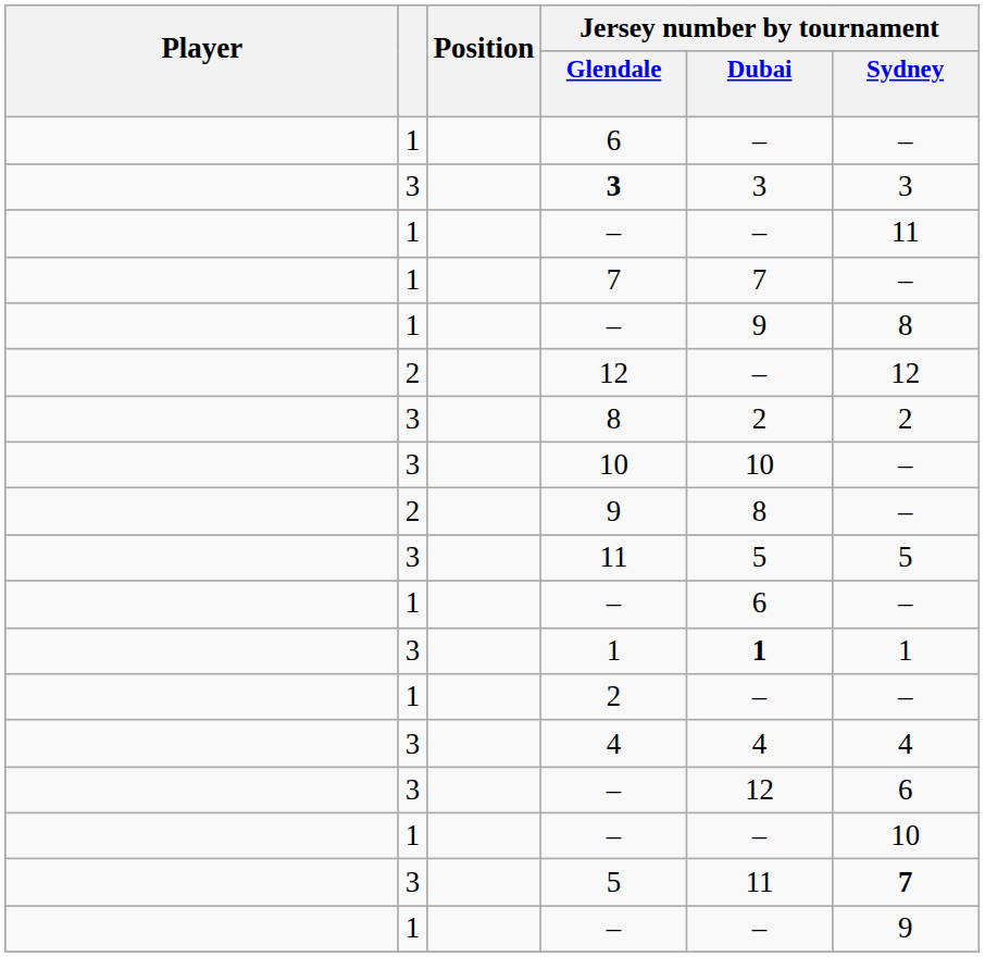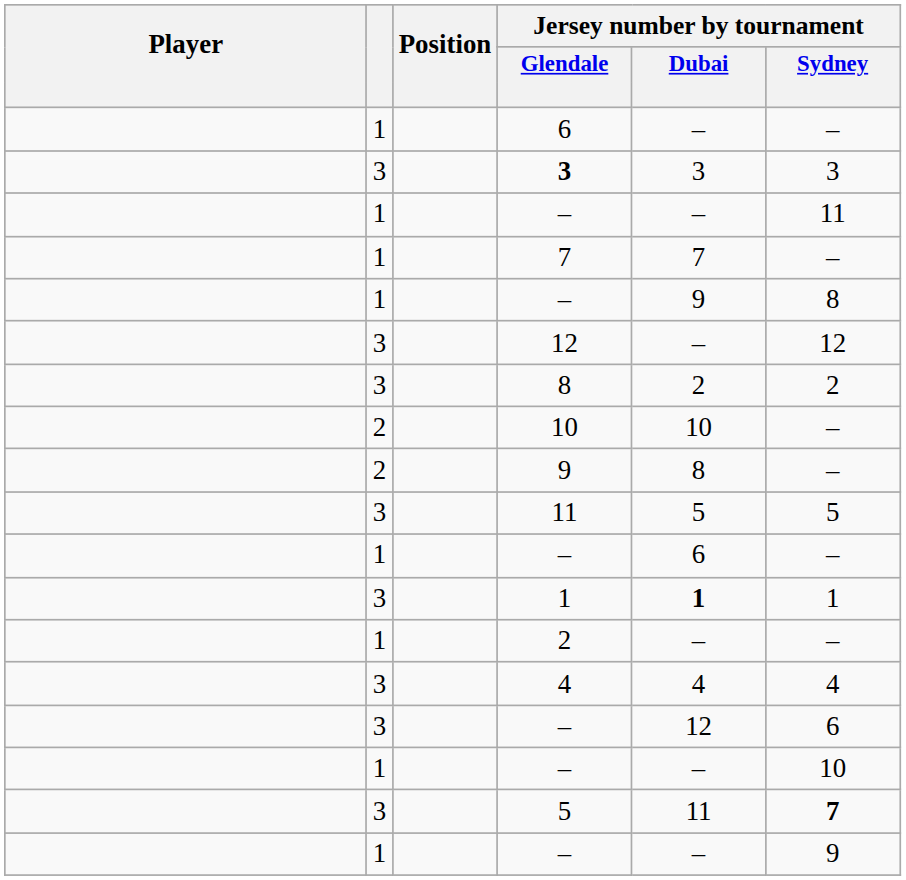 <table class="wikitable sortable" style="text-align:center;">
 <tr>
 <th rowspan=2 style="border-bottom:0; width:13em;">Player</th>
 <th rowspan=2 style="border-bottom:0;"></th>
 <th rowspan=2 style="border-bottom:0;">Position</th>
 <th colspan=8 style="font-size:95%;">Jersey number by tournament</th>
 </tr>
 <tr>
 <th style="vertical-align:top;width:5.5em;border-bottom:1px solid transparent;padding:2px;font-size:85%;"><a href='#'>Glendale</a></th>
 <th style="vertical-align:top;width:5.5em;border-bottom:1px solid transparent;padding:2px;font-size:85%;"><a href='#'>Dubai</a></th>
 <th style="vertical-align:top;width:5.5em;border-bottom:1px solid transparent;padding:2px;font-size:85%;"><a href='#'>Sydney</a></th>
 </tr>
 <tr style="line-height:8px;">
 <th style="border-top:1px solid transparent;"></th>
 <th style="border-top:1px solid transparent;"> </th>
 <th style="border-top:1px solid transparent;"> </th>
 <th data-sort-type="number" style="border-top:1px solid transparent;"></th>
 <th data-sort-type="number" style="border-top:1px solid transparent;"></th>
 <th data-sort-type="number" style="border-top:1px solid transparent;"></th>
 </tr>
 <tr>
 <td align=left></td>
 <td>1</td>
 <td></td>
 <td>6</td>
 <td>–</td>
 <td>–</td>
 </tr>
 <tr>
 <td align=left></td>
 <td>3</td>
 <td></td>
 <td><strong>3</strong></td>
 <td>3</td>
 <td>3</td>
 </tr>
 <tr>
 <td align=left></td>
 <td>1</td>
 <td></td>
 <td>–</td>
 <td>–</td>
 <td>11</td>
 </tr>
 <tr>
 <td align=left></td>
 <td>1</td>
 <td></td>
 <td>7</td>
 <td>7</td>
 <td>–</td>
 </tr>
 <tr>
 <td align=left></td>
 <td>1</td>
 <td></td>
 <td>–</td>
 <td>9</td>
 <td>8</td>
 </tr>
 <tr>
 <td align=left></td>
-<td>2</td>
+<td>3</td>
 <td></td>
 <td>12</td>
 <td>–</td>
 <td>12</td>
 </tr>
 <tr>
 <td align=left></td>
 <td>3</td>
 <td></td>
 <td>8</td>
 <td>2</td>
 <td>2</td>
 </tr>
 <tr>
 <td align=left></td>
-<td>3</td>
+<td>2</td>
 <td></td>
 <td>10</td>
 <td>10</td>
 <td>–</td>
 </tr>
 <tr>
 <td align=left></td>
 <td>2</td>
 <td></td>
 <td>9</td>
 <td>8</td>
 <td>–</td>
 </tr>
 <tr>
 <td align=left></td>
 <td>3</td>
 <td></td>
 <td>11</td>
 <td>5</td>
 <td>5</td>
 </tr>
 <tr>
 <td align=left></td>
 <td>1</td>
 <td></td>
 <td>–</td>
 <td>6</td>
 <td>–</td>
 </tr>
 <tr>
 <td align=left></td>
 <td>3</td>
 <td></td>
 <td>1</td>
 <td><strong>1</strong></td>
 <td>1</td>
 </tr>
 <tr>
 <td align=left></td>
 <td>1</td>
 <td></td>
 <td>2</td>
 <td>–</td>
 <td>–</td>
 </tr>
 <tr>
 <td align=left></td>
 <td>3</td>
 <td></td>
 <td>4</td>
 <td>4</td>
 <td>4</td>
 </tr>
 <tr>
 <td align=left></td>
 <td>3</td>
 <td></td>
 <td>–</td>
 <td>12</td>
 <td>6</td>
 </tr>
 <tr>
 <td align=left></td>
 <td>1</td>
 <td></td>
 <td>–</td>
 <td>–</td>
 <td>10</td>
 </tr>
 <tr>
 <td align=left></td>
 <td>3</td>
 <td></td>
 <td>5</td>
 <td>11</td>
 <td><strong>7</strong></td>
 </tr>
 <tr>
 <td align=left></td>
 <td>1</td>
 <td></td>
 <td>–</td>
 <td>–</td>
 <td>9</td>
 </tr>
 </table>
